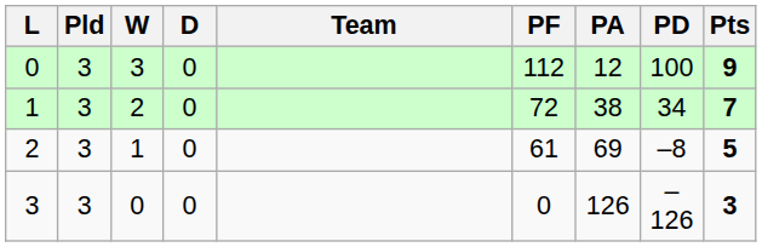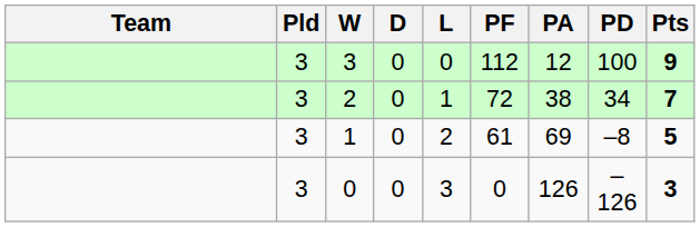 <table class="wikitable" style="text-align:center;">
 <tr>
-<th width=25 abbr="Lost">L</th>
+<th width=175>Team</th>
 <th width=25 abbr="Played">Pld</th>
 <th width=25 abbr="Won">W</th>
 <th width=25 abbr="Drawn">D</th>
-<th width=175>Team</th>
+<th width=25 abbr="Lost">L</th>
 <th width=32 abbr="Points for">PF</th>
 <th width=32 abbr="Points against">PA</th>
 <th width=32 abbr="Points difference">PD</th>
 <th width=25 abbr="Points">Pts</th>
 </tr>
 <tr bgcolor=ccffcc>
-<td>0</td>
+<td align=left></td>
 <td>3</td>
 <td>3</td>
 <td>0</td>
-<td align=left></td>
+<td>0</td>
 <td>112</td>
 <td>12</td>
 <td>100</td>
 <td><strong>9</strong></td>
 </tr>
 <tr bgcolor=ccffcc>
-<td>1</td>
+<td align=left></td>
 <td>3</td>
 <td>2</td>
 <td>0</td>
-<td align=left></td>
+<td>1</td>
 <td>72</td>
 <td>38</td>
 <td>34</td>
 <td><strong>7</strong></td>
 </tr>
 <tr>
-<td>2</td>
+<td align=left></td>
 <td>3</td>
 <td>1</td>
 <td>0</td>
-<td align=left></td>
+<td>2</td>
 <td>61</td>
 <td>69</td>
 <td>–8</td>
 <td><strong>5</strong></td>
 </tr>
 <tr>
-<td>3</td>
+<td align=left></td>
 <td>3</td>
 <td>0</td>
 <td>0</td>
-<td align=left></td>
+<td>3</td>
 <td>0</td>
 <td>126</td>
 <td>–126</td>
 <td><strong>3</strong></td>
 </tr>
 </table>
